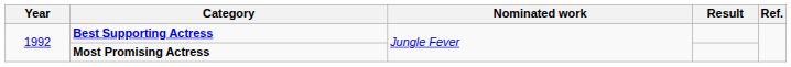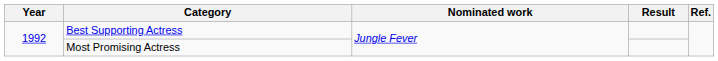 <table class=wikitable>
 <tr>
 <th scope="col" style="width:5em;">Year</th>
 <th scope="col" style="width:26em;">Category</th>
 <th scope="col" style="width:25em;">Nominated work</th>
 <th scope="col" style="width:5em;">Result</th>
 <th>Ref.</th>
 </tr>
 <tr>
 <td style="text-align:center;", rowspan="2"><a href='#'>1992</a></td>
-<td><strong><a href='#'>Best Supporting Actress</a></strong></td>
+<td><a href='#'>Best Supporting Actress</a></td>
 <td rowspan="2"><em><a href='#'>Jungle Fever</a></em></td>
 <td></td>
 <td style="text-align:center;" rowspan="2"></td>
 </tr>
 <tr>
-<td><strong>Most Promising Actress</strong></td>
+<td>Most Promising Actress</td>
 <td></td>
 </tr>
 </table>
